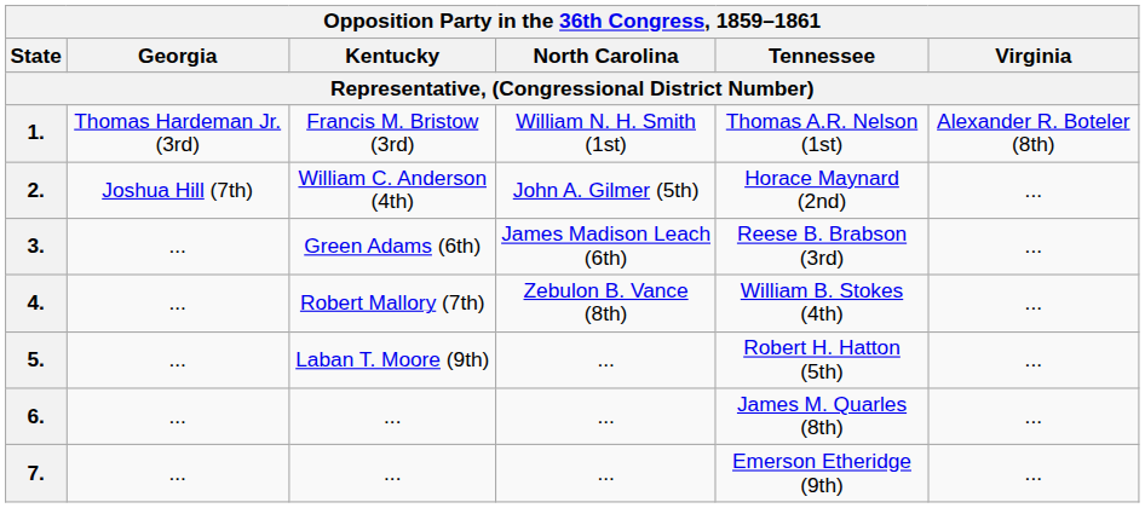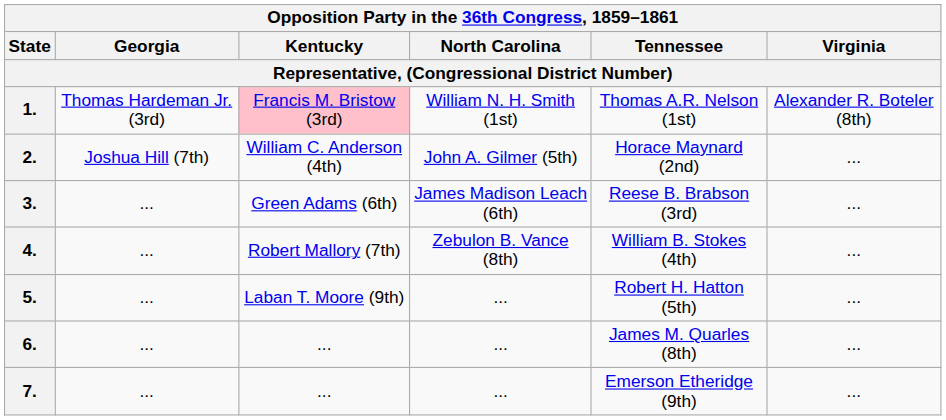 <table class="wikitable" style="text-align:center">
 <tr>
 <th colspan=6>Opposition Party in the <a href='#'>36th Congress</a>, 1859–1861</th>
 </tr>
 <tr>
 <th>State</th>
 <th>Georgia</th>
 <th>Kentucky</th>
 <th>North Carolina</th>
 <th>Tennessee</th>
 <th>Virginia</th>
 </tr>
 <tr>
 <th colspan=6>Representative, (Congressional District Number)</th>
 </tr>
 <tr>
 <th>1.</th>
 <td><a href='#'>Thomas Hardeman Jr.</a> (3rd)</td>
-<td><a href='#'>Francis M. Bristow</a> (3rd)</td>
+<td style="background: pink;"><a href='#'>Francis M. Bristow</a> (3rd)</td>
 <td><a href='#'>William N. H. Smith</a> (1st)</td>
 <td><a href='#'>Thomas A.R. Nelson</a> (1st)</td>
 <td><a href='#'>Alexander R. Boteler</a> (8th)</td>
 </tr>
 <tr>
 <th>2.</th>
 <td><a href='#'>Joshua Hill</a>  (7th)</td>
 <td><a href='#'>William C. Anderson</a> (4th)</td>
 <td><a href='#'>John A. Gilmer</a> (5th)</td>
 <td><a href='#'>Horace Maynard</a> (2nd)</td>
 <td>...</td>
 </tr>
 <tr>
 <th>3.</th>
 <td>...</td>
 <td><a href='#'>Green Adams</a> (6th)</td>
 <td><a href='#'>James Madison Leach</a> (6th)</td>
 <td><a href='#'>Reese B. Brabson</a> (3rd)</td>
 <td>...</td>
 </tr>
 <tr>
 <th>4.</th>
 <td>...</td>
 <td><a href='#'>Robert Mallory</a> (7th)</td>
 <td><a href='#'>Zebulon B. Vance</a> (8th)</td>
 <td><a href='#'>William B. Stokes</a> (4th)</td>
 <td>...</td>
 </tr>
 <tr>
 <th>5.</th>
 <td>...</td>
 <td><a href='#'>Laban T. Moore</a> (9th)</td>
 <td>...</td>
 <td><a href='#'>Robert H. Hatton</a> (5th)</td>
 <td>...</td>
 </tr>
 <tr>
 <th>6.</th>
 <td>...</td>
 <td>...</td>
 <td>...</td>
 <td><a href='#'>James M. Quarles</a> (8th)</td>
 <td>...</td>
 </tr>
 <tr>
 <th>7.</th>
 <td>...</td>
 <td>...</td>
 <td>...</td>
 <td><a href='#'>Emerson Etheridge</a> (9th)</td>
 <td>...</td>
 </tr>
 </table>
